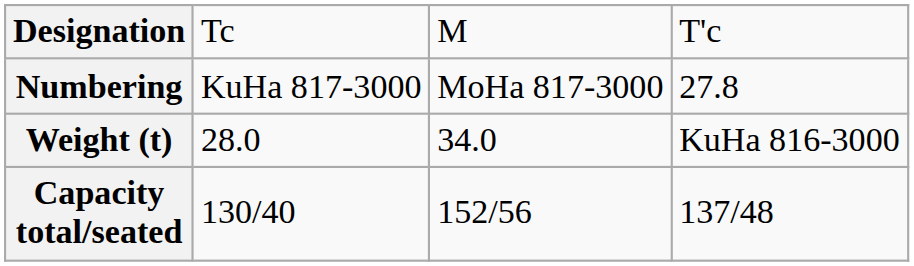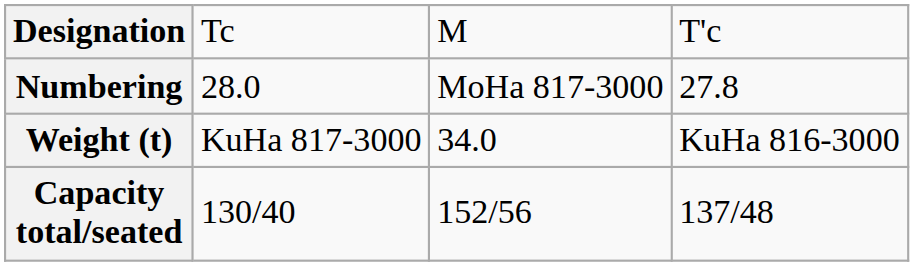 <table class="wikitable">
 <tr>
 <th>Designation</th>
 <td>Tc</td>
 <td>M</td>
 <td>T'c</td>
 </tr>
 <tr>
 <th>Numbering</th>
-<td>KuHa 817-3000</td>
+<td>28.0</td>
 <td>MoHa 817-3000</td>
 <td>27.8</td>
 </tr>
 <tr>
 <th>Weight (t)</th>
-<td>28.0</td>
+<td>KuHa 817-3000</td>
 <td>34.0</td>
 <td>KuHa 816-3000</td>
 </tr>
 <tr>
 <th>Capacity<br>total/seated</th>
 <td>130/40</td>
 <td>152/56</td>
 <td>137/48</td>
 </tr>
 </table>
